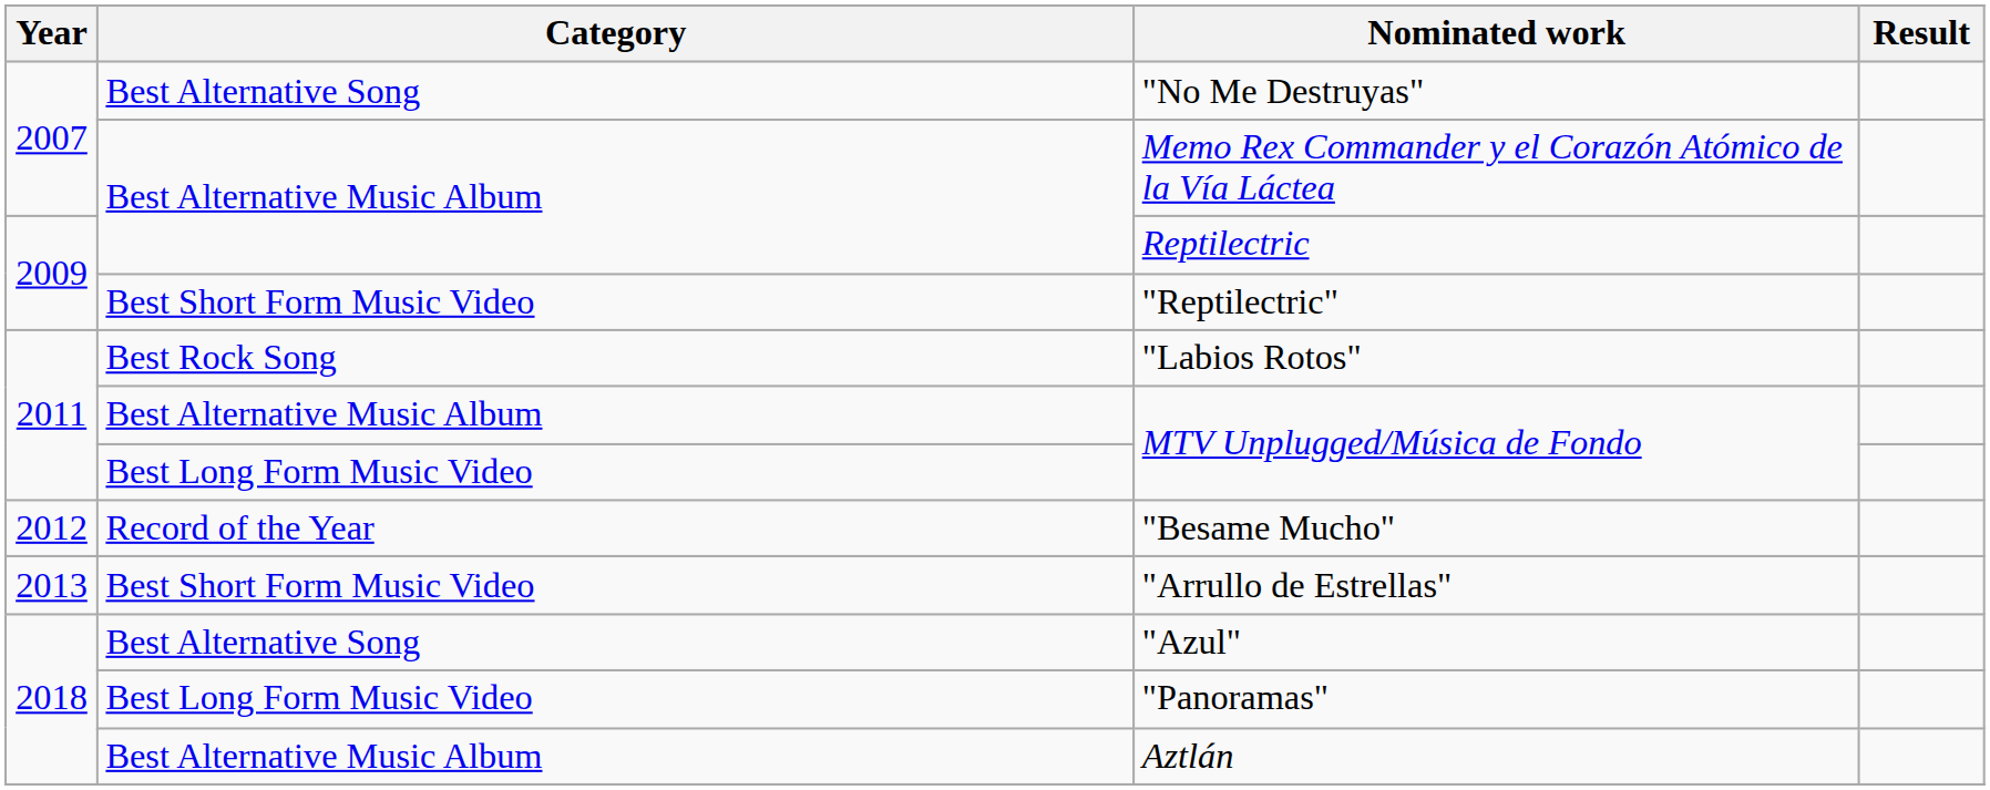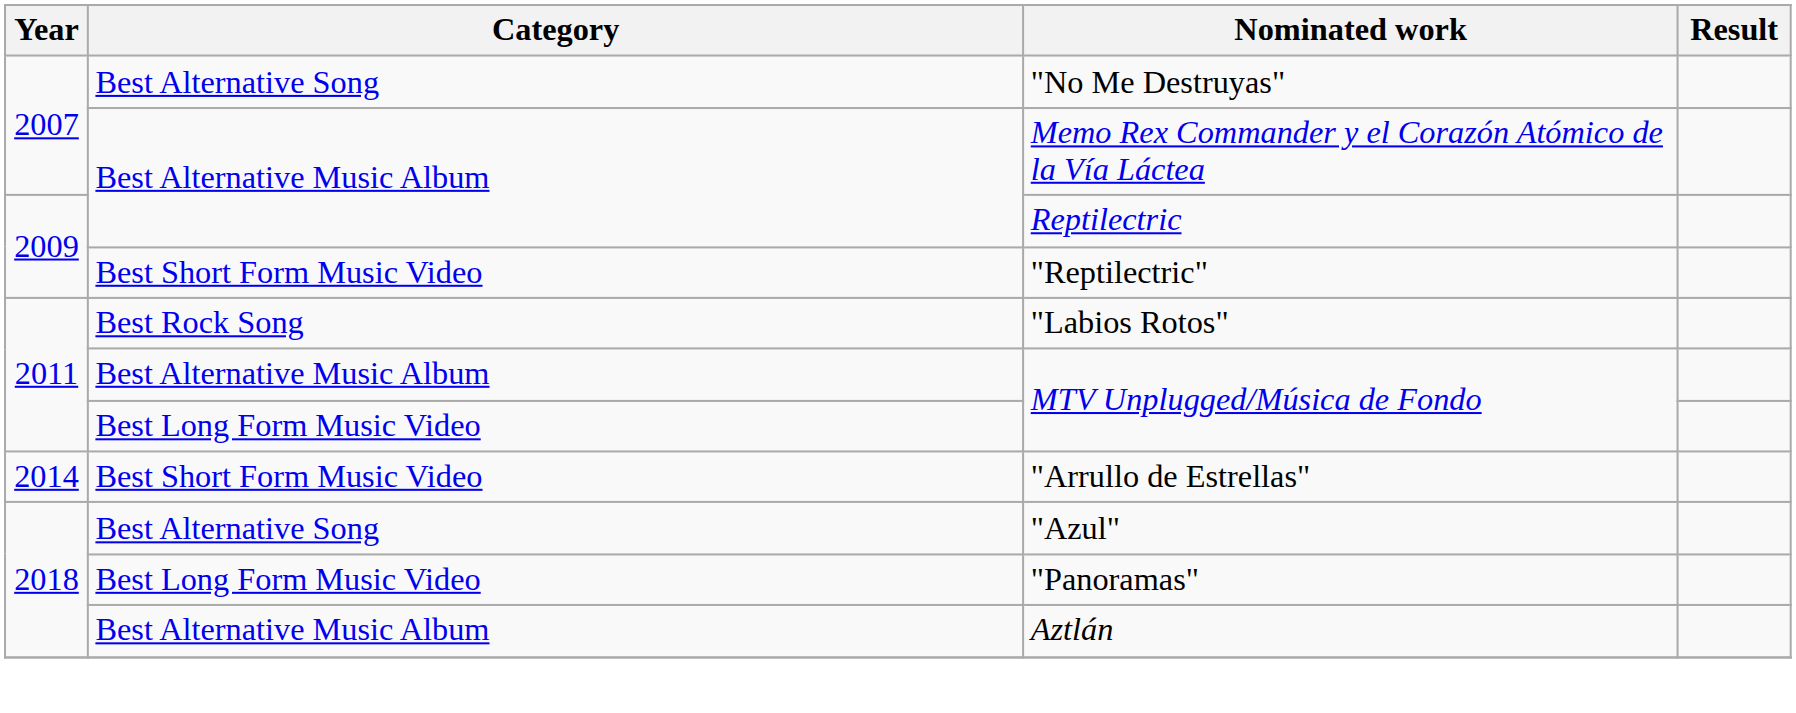 <table class="wikitable plainrowheaders" style="width:70%;">
 <tr>
 <th scope="col" style="width:4%;">Year</th>
 <th scope="col" style="width:50%;">Category</th>
 <th scope="col" style="width:35%;">Nominated work</th>
 <th scope="col" style="width:6%;">Result</th>
 </tr>
 <tr>
 <td style="text-align:center;" rowspan="2"><a href='#'>2007</a></td>
 <td><a href='#'>Best Alternative Song</a></td>
 <td>"No Me Destruyas"</td>
 <td></td>
 </tr>
 <tr>
 <td rowspan="2"><a href='#'>Best Alternative Music Album</a></td>
 <td><em><a href='#'>Memo Rex Commander y el Corazón Atómico de la Vía Láctea</a></em></td>
 <td></td>
 </tr>
 <tr>
 <td style="text-align:center;" rowspan="2"><a href='#'>2009</a></td>
 <td><em><a href='#'>Reptilectric</a></em></td>
 <td></td>
 </tr>
 <tr>
 <td><a href='#'>Best Short Form Music Video</a></td>
 <td>"Reptilectric"</td>
 <td></td>
 </tr>
 <tr>
 <td style="text-align:center;" rowspan="3"><a href='#'>2011</a></td>
 <td><a href='#'>Best Rock Song</a></td>
 <td>"Labios Rotos"</td>
 <td></td>
 </tr>
 <tr>
 <td><a href='#'>Best Alternative Music Album</a></td>
 <td rowspan="2"><em><a href='#'>MTV Unplugged/Música de Fondo</a></em></td>
 <td></td>
 </tr>
 <tr>
 <td><a href='#'>Best Long Form Music Video</a></td>
 <td></td>
 </tr>
 <tr>
-<td style="text-align:center;"><a href='#'>2012</a></td>
-<td><a href='#'>Record of the Year</a></td>
-<td>"Besame Mucho"</td>
-<td></td>
-</tr>
-<tr>
-<td style="text-align:center;"><a href='#'>2013</a></td>
+<td style="text-align:center;"><a href='#'>2014</a></td>
 <td><a href='#'>Best Short Form Music Video</a></td>
 <td>"Arrullo de Estrellas"</td>
 <td></td>
 </tr>
 <tr>
 <td style="text-align:center;" rowspan="3"><a href='#'>2018</a></td>
 <td><a href='#'>Best Alternative Song</a></td>
 <td>"Azul"</td>
 <td></td>
 </tr>
 <tr>
 <td><a href='#'>Best Long Form Music Video</a></td>
 <td>"Panoramas"</td>
 <td></td>
 </tr>
 <tr>
 <td><a href='#'>Best Alternative Music Album</a></td>
 <td><em>Aztlán</em></td>
 <td></td>
 </tr>
 <tr>
 </tr>
 </table>
